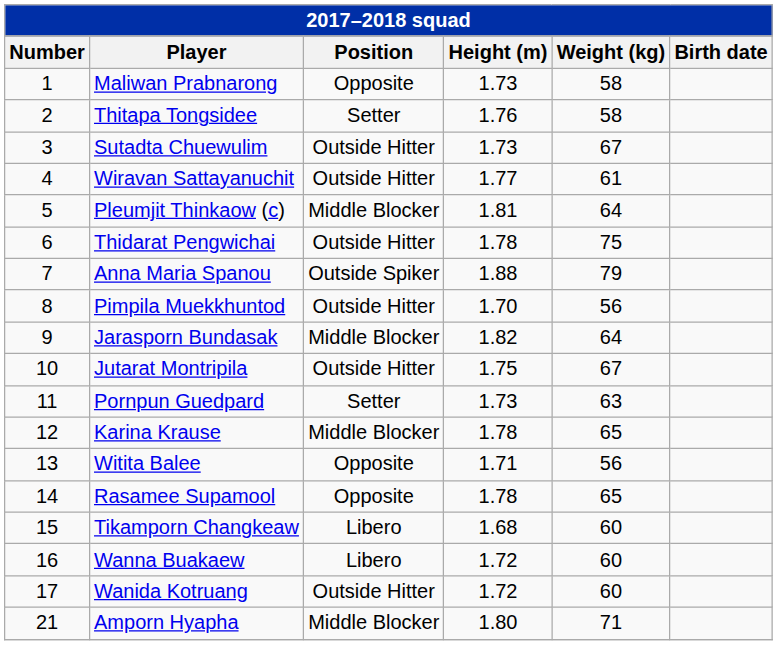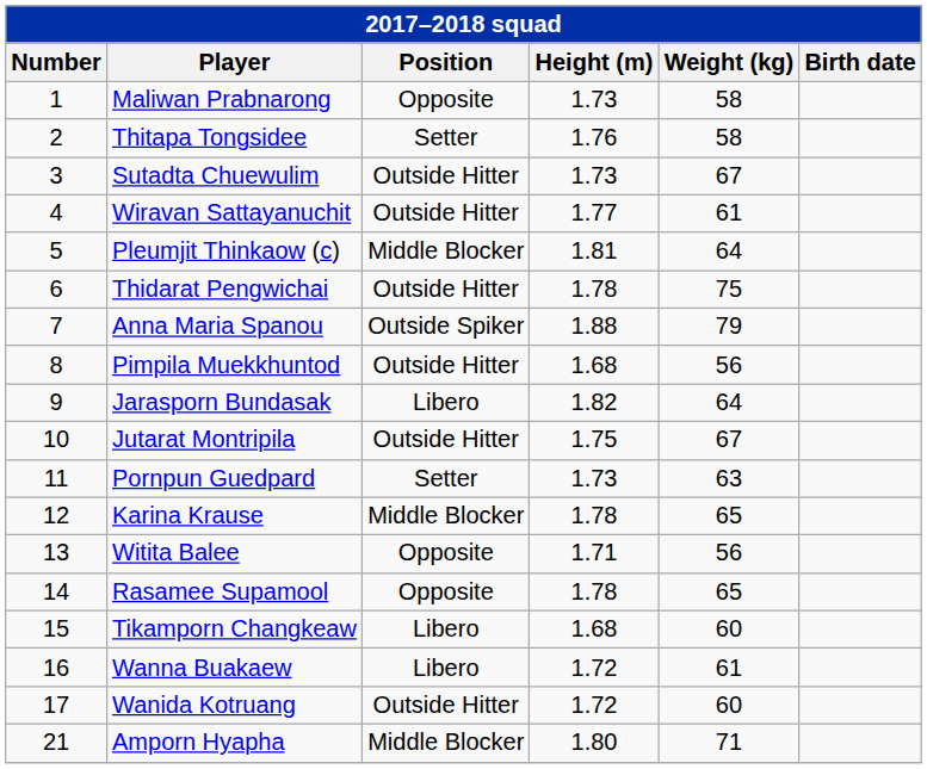 <table class="wikitable sortable" style="font-size:100%; text-align:center;">
 <tr>
 <th colspan=6 style="background:#002FA7; color:#FFFFFF;">2017–2018 squad</th>
 </tr>
 <tr>
 </tr>
 <tr>
 <th>Number</th>
 <th>Player</th>
 <th>Position</th>
 <th>Height (m)</th>
 <th>Weight (kg)</th>
 <th>Birth date</th>
 </tr>
 <tr>
 <td>1</td>
 <td align=left> <a href='#'>Maliwan Prabnarong</a></td>
 <td>Opposite</td>
 <td>1.73</td>
 <td>58</td>
 <td align=left></td>
 </tr>
 <tr>
 <td>2</td>
 <td align=left> <a href='#'>Thitapa Tongsidee</a></td>
 <td>Setter</td>
 <td>1.76</td>
 <td>58</td>
 <td align=left></td>
 </tr>
 <tr>
 <td>3</td>
 <td align=left> <a href='#'>Sutadta Chuewulim</a></td>
 <td>Outside Hitter</td>
 <td>1.73</td>
 <td>67</td>
 <td align=left></td>
 </tr>
 <tr>
 <td>4</td>
 <td align=left> <a href='#'>Wiravan Sattayanuchit</a></td>
 <td>Outside Hitter</td>
 <td>1.77</td>
 <td>61</td>
 <td align=left></td>
 </tr>
 <tr>
 <td>5</td>
 <td align=left> <a href='#'>Pleumjit Thinkaow</a> (<a href='#'>c</a>)</td>
 <td>Middle Blocker</td>
 <td>1.81</td>
 <td>64</td>
 <td align=left></td>
 </tr>
 <tr>
 <td>6</td>
 <td align=left> <a href='#'>Thidarat Pengwichai</a></td>
 <td>Outside Hitter</td>
 <td>1.78</td>
 <td>75</td>
 <td align=left></td>
 </tr>
 <tr>
 <td>7</td>
 <td align=left> <a href='#'>Anna Maria Spanou</a></td>
 <td>Outside Spiker</td>
 <td>1.88</td>
 <td>79</td>
 <td align=left></td>
 </tr>
 <tr>
 <td>8</td>
 <td align=left> <a href='#'>Pimpila Muekkhuntod</a></td>
 <td>Outside Hitter</td>
-<td>1.70</td>
+<td>1.68</td>
 <td>56</td>
 <td align=left></td>
 </tr>
 <tr>
 <td>9</td>
 <td align=left> <a href='#'>Jarasporn Bundasak</a></td>
-<td>Middle Blocker</td>
+<td>Libero</td>
 <td>1.82</td>
 <td>64</td>
 <td align=left></td>
 </tr>
 <tr>
 <td>10</td>
 <td align=left> <a href='#'>Jutarat Montripila</a></td>
 <td>Outside Hitter</td>
 <td>1.75</td>
 <td>67</td>
 <td align=left></td>
 </tr>
 <tr>
 <td>11</td>
 <td align=left> <a href='#'>Pornpun Guedpard</a></td>
 <td>Setter</td>
 <td>1.73</td>
 <td>63</td>
 <td align=left></td>
 </tr>
 <tr>
 <td>12</td>
 <td align=left> <a href='#'>Karina Krause</a></td>
 <td>Middle Blocker</td>
 <td>1.78</td>
 <td>65</td>
 <td align=left></td>
 </tr>
 <tr>
 <td>13</td>
 <td align=left> <a href='#'>Witita Balee</a></td>
 <td>Opposite</td>
 <td>1.71</td>
 <td>56</td>
 <td align=left></td>
 </tr>
 <tr>
 <td>14</td>
 <td align=left> <a href='#'>Rasamee Supamool</a></td>
 <td>Opposite</td>
 <td>1.78</td>
 <td>65</td>
 <td align=left></td>
 </tr>
 <tr>
 <td>15</td>
 <td align=left> <a href='#'>Tikamporn Changkeaw</a></td>
 <td>Libero</td>
 <td>1.68</td>
 <td>60</td>
 <td align=left></td>
 </tr>
 <tr>
 <td>16</td>
 <td align=left> <a href='#'>Wanna Buakaew</a></td>
 <td>Libero</td>
 <td>1.72</td>
-<td>60</td>
+<td>61</td>
 <td align=left></td>
 </tr>
 <tr>
 <td>17</td>
 <td align=left> <a href='#'>Wanida Kotruang</a></td>
 <td>Outside Hitter</td>
 <td>1.72</td>
 <td>60</td>
 <td align=left></td>
 </tr>
 <tr>
 <td>21</td>
 <td align=left> <a href='#'>Amporn Hyapha</a></td>
 <td>Middle Blocker</td>
 <td>1.80</td>
 <td>71</td>
 <td align=left></td>
 </tr>
 <tr>
 </tr>
 </table>
